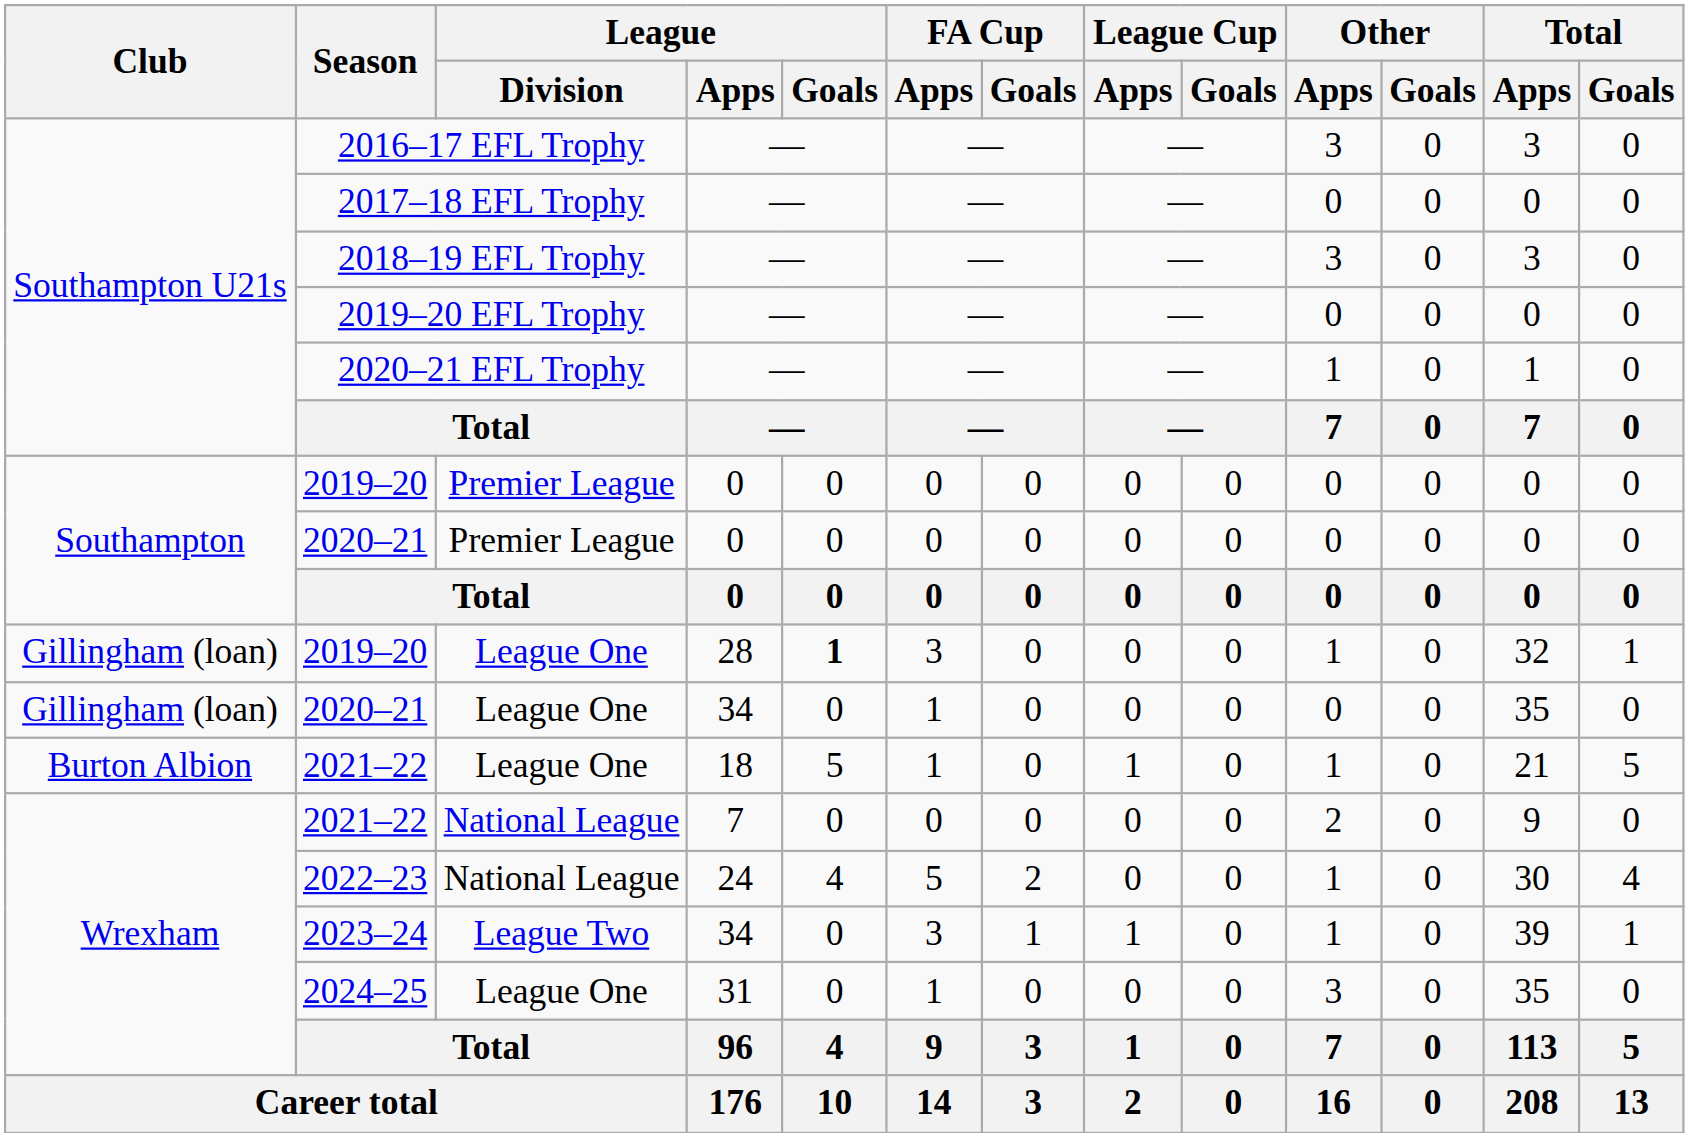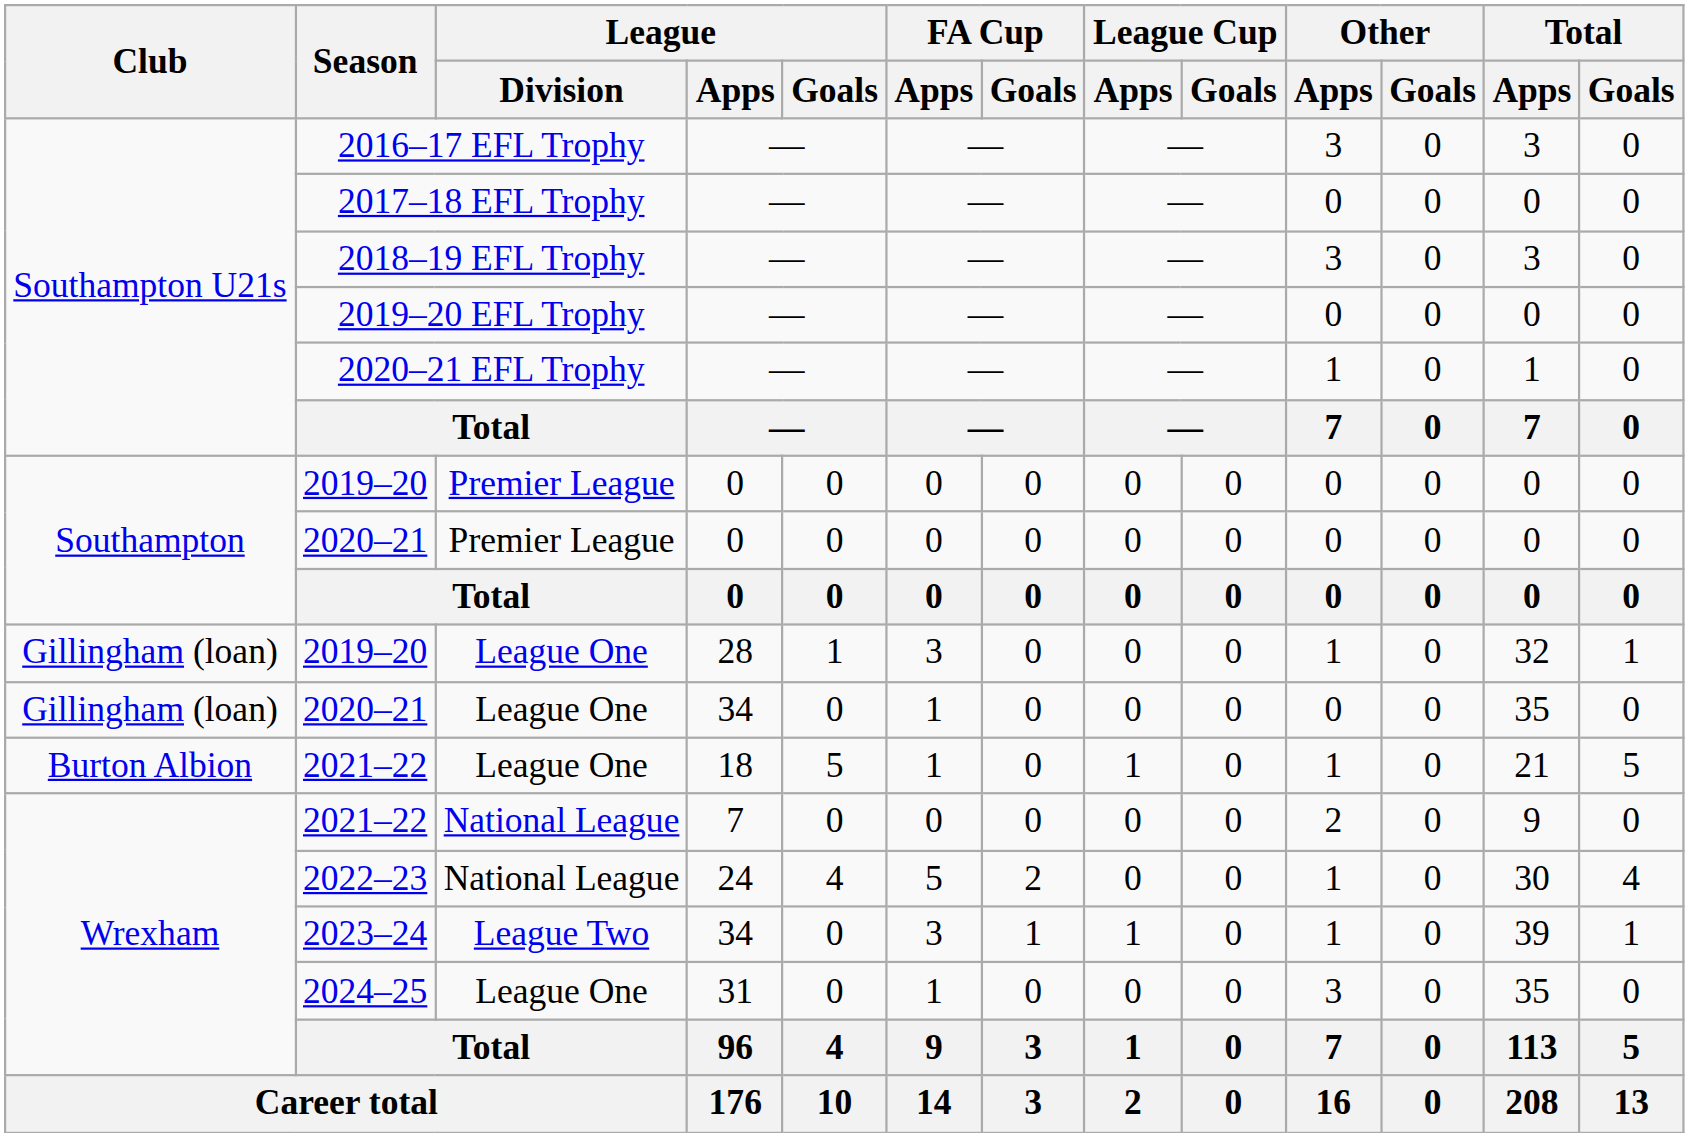 <table class=wikitable style="text-align: center">
 <tr>
 <th rowspan="2">Club</th>
 <th rowspan="2">Season</th>
 <th colspan="3">League</th>
 <th colspan="2">FA Cup</th>
 <th colspan="2">League Cup</th>
 <th colspan="2">Other</th>
 <th colspan="2">Total</th>
 </tr>
 <tr>
 <th>Division</th>
 <th>Apps</th>
 <th>Goals</th>
 <th>Apps</th>
 <th>Goals</th>
 <th>Apps</th>
 <th>Goals</th>
 <th>Apps</th>
 <th>Goals</th>
 <th>Apps</th>
 <th>Goals</th>
 </tr>
 <tr>
 <td rowspan="6"><a href='#'>Southampton U21s</a></td>
 <td colspan="2"><a href='#'>2016–17 EFL Trophy</a></td>
 <td colspan="2">—</td>
 <td colspan="2">—</td>
 <td colspan="2">—</td>
 <td>3</td>
 <td>0</td>
 <td>3</td>
 <td>0</td>
 </tr>
 <tr>
 <td colspan="2"><a href='#'>2017–18 EFL Trophy</a></td>
 <td colspan="2">—</td>
 <td colspan="2">—</td>
 <td colspan="2">—</td>
 <td>0</td>
 <td>0</td>
 <td>0</td>
 <td>0</td>
 </tr>
 <tr>
 <td colspan="2"><a href='#'>2018–19 EFL Trophy</a></td>
 <td colspan="2">—</td>
 <td colspan="2">—</td>
 <td colspan="2">—</td>
 <td>3</td>
 <td>0</td>
 <td>3</td>
 <td>0</td>
 </tr>
 <tr>
 <td colspan="2"><a href='#'>2019–20 EFL Trophy</a></td>
 <td colspan="2">—</td>
 <td colspan="2">—</td>
 <td colspan="2">—</td>
 <td>0</td>
 <td>0</td>
 <td>0</td>
 <td>0</td>
 </tr>
 <tr>
 <td colspan="2"><a href='#'>2020–21 EFL Trophy</a></td>
 <td colspan="2">—</td>
 <td colspan="2">—</td>
 <td colspan="2">—</td>
 <td>1</td>
 <td>0</td>
 <td>1</td>
 <td>0</td>
 </tr>
 <tr>
 <th colspan="2">Total</th>
 <th colspan="2">—</th>
 <th colspan="2">—</th>
 <th colspan="2">—</th>
 <th>7</th>
 <th>0</th>
 <th>7</th>
 <th>0</th>
 </tr>
 <tr>
 <td rowspan="3"><a href='#'>Southampton</a></td>
 <td><a href='#'>2019–20</a></td>
 <td><a href='#'>Premier League</a></td>
 <td>0</td>
 <td>0</td>
 <td>0</td>
 <td>0</td>
 <td>0</td>
 <td>0</td>
 <td>0</td>
 <td>0</td>
 <td>0</td>
 <td>0</td>
 </tr>
 <tr>
 <td><a href='#'>2020–21</a></td>
 <td>Premier League</td>
 <td>0</td>
 <td>0</td>
 <td>0</td>
 <td>0</td>
 <td>0</td>
 <td>0</td>
 <td>0</td>
 <td>0</td>
 <td>0</td>
 <td>0</td>
 </tr>
 <tr>
 <th colspan="2">Total</th>
 <th>0</th>
 <th>0</th>
 <th>0</th>
 <th>0</th>
 <th>0</th>
 <th>0</th>
 <th>0</th>
 <th>0</th>
 <th>0</th>
 <th>0</th>
 </tr>
 <tr>
 <td><a href='#'>Gillingham</a> (loan)</td>
 <td><a href='#'>2019–20</a></td>
 <td><a href='#'>League One</a></td>
 <td>28</td>
-<td><strong>1</strong></td>
+<td>1</td>
 <td>3</td>
 <td>0</td>
 <td>0</td>
 <td>0</td>
 <td>1</td>
 <td>0</td>
 <td>32</td>
 <td>1</td>
 </tr>
 <tr>
 <td><a href='#'>Gillingham</a> (loan)</td>
 <td><a href='#'>2020–21</a></td>
 <td>League One</td>
 <td>34</td>
 <td>0</td>
 <td>1</td>
 <td>0</td>
 <td>0</td>
 <td>0</td>
 <td>0</td>
 <td>0</td>
 <td>35</td>
 <td>0</td>
 </tr>
 <tr>
 <td><a href='#'>Burton Albion</a></td>
 <td><a href='#'>2021–22</a></td>
 <td>League One</td>
 <td>18</td>
 <td>5</td>
 <td>1</td>
 <td>0</td>
 <td>1</td>
 <td>0</td>
 <td>1</td>
 <td>0</td>
 <td>21</td>
 <td>5</td>
 </tr>
 <tr>
 <td rowspan="5"><a href='#'>Wrexham</a></td>
 <td><a href='#'>2021–22</a></td>
 <td><a href='#'>National League</a></td>
 <td>7</td>
 <td>0</td>
 <td>0</td>
 <td>0</td>
 <td>0</td>
 <td>0</td>
 <td>2</td>
 <td>0</td>
 <td>9</td>
 <td>0</td>
 </tr>
 <tr>
 <td><a href='#'>2022–23</a></td>
 <td>National League</td>
 <td>24</td>
 <td>4</td>
 <td>5</td>
 <td>2</td>
 <td>0</td>
 <td>0</td>
 <td>1</td>
 <td>0</td>
 <td>30</td>
 <td>4</td>
 </tr>
 <tr>
 <td><a href='#'>2023–24</a></td>
 <td><a href='#'>League Two</a></td>
 <td>34</td>
 <td>0</td>
 <td>3</td>
 <td>1</td>
 <td>1</td>
 <td>0</td>
 <td>1</td>
 <td>0</td>
 <td>39</td>
 <td>1</td>
 </tr>
 <tr>
 <td><a href='#'>2024–25</a></td>
 <td>League One</td>
 <td>31</td>
 <td>0</td>
 <td>1</td>
 <td>0</td>
 <td>0</td>
 <td>0</td>
 <td>3</td>
 <td>0</td>
 <td>35</td>
 <td>0</td>
 </tr>
 <tr>
 <th colspan="2">Total</th>
 <th>96</th>
 <th>4</th>
 <th>9</th>
 <th>3</th>
 <th>1</th>
 <th>0</th>
 <th>7</th>
 <th>0</th>
 <th>113</th>
 <th>5</th>
 </tr>
 <tr>
 <th colspan="3">Career total</th>
 <th>176</th>
 <th>10</th>
 <th>14</th>
 <th>3</th>
 <th>2</th>
 <th>0</th>
 <th>16</th>
 <th>0</th>
 <th>208</th>
 <th>13</th>
 </tr>
 </table>
